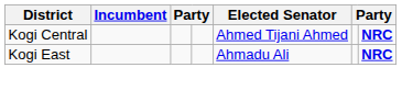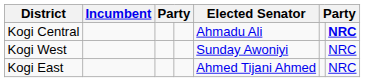 <table class="sortable wikitable" style="font-size:95%;line-height:14px;">
 <tr>
 <th class="unsortable">District</th>
 <th class="unsortable"><a href='#'>Incumbent</a></th>
 <th colspan="2">Party</th>
 <th class="unsortable">Elected Senator</th>
 <th colspan="2">Party</th>
 </tr>
 <tr>
 <td>Kogi Central</td>
 <td></td>
 <td></td>
 <td></td>
-<td><a href='#'>Ahmed Tijani Ahmed</a></td>
+<td><a href='#'>Ahmadu Ali</a></td>
 <td style="background:"></td>
 <td><strong><a href='#'>NRC</a></strong></td>
+</tr>
+<tr>
+<td>Kogi West</td>
+<td></td>
+<td></td>
+<td></td>
+<td><a href='#'>Sunday Awoniyi</a></td>
+<td style="background:"></td>
+<td><a href='#'>NRC</a></td>
 </tr>
 <tr>
 <td>Kogi East</td>
 <td></td>
 <td></td>
 <td></td>
-<td><a href='#'>Ahmadu Ali</a></td>
+<td><a href='#'>Ahmed Tijani Ahmed</a></td>
 <td style="background:"></td>
-<td><strong><a href='#'>NRC</a></strong></td>
+<td><a href='#'>NRC</a></td>
 </tr>
 </table>
